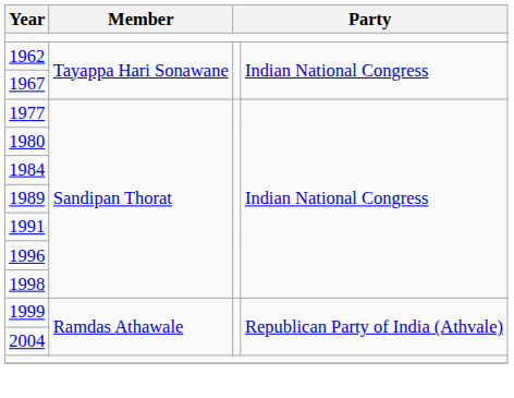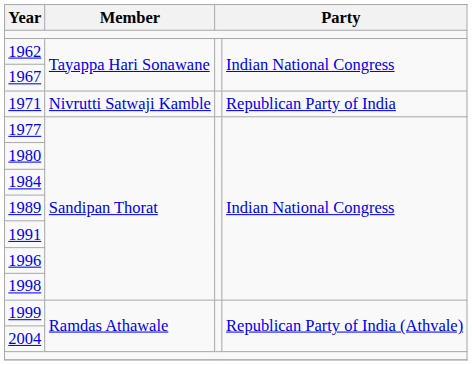 <table class="wikitable sortable">
 <tr>
 <th>Year</th>
 <th>Member</th>
 <th colspan="2">Party</th>
 </tr>
 <tr>
 <td colspan="4"></td>
 </tr>
 <tr>
 <td><a href='#'>1962</a></td>
 <td rowspan="2"><a href='#'>Tayappa Hari Sonawane</a></td>
 <td rowspan="2" style="background-color: "></td>
 <td rowspan="2"><a href='#'>Indian National Congress</a></td>
 </tr>
 <tr>
 <td><a href='#'>1967</a></td>
+</tr>
+<tr>
+<td><a href='#'>1971</a></td>
+<td><a href='#'>Nivrutti Satwaji Kamble</a></td>
+<td style="background-color: "></td>
+<td><a href='#'>Republican Party of India</a></td>
 </tr>
 <tr>
 <td><a href='#'>1977</a></td>
 <td rowspan="7"><a href='#'>Sandipan Thorat</a></td>
 <td rowspan="7" style="background-color: "></td>
 <td rowspan="7"><a href='#'>Indian National Congress</a></td>
 </tr>
 <tr>
 <td><a href='#'>1980</a></td>
 </tr>
 <tr>
 <td><a href='#'>1984</a></td>
 </tr>
 <tr>
 <td><a href='#'>1989</a></td>
 </tr>
 <tr>
 <td><a href='#'>1991</a></td>
 </tr>
 <tr>
 <td><a href='#'>1996</a></td>
 </tr>
 <tr>
 <td><a href='#'>1998</a></td>
 </tr>
 <tr>
 <td><a href='#'>1999</a></td>
 <td rowspan="2"><a href='#'>Ramdas Athawale</a></td>
 <td rowspan="2" style="background-color: "></td>
 <td rowspan="2"><a href='#'>Republican Party of India (Athvale)</a></td>
 </tr>
 <tr>
 <td><a href='#'>2004</a></td>
 </tr>
 <tr>
 <td colspan="4"></td>
 </tr>
 <tr>
 </tr>
 </table>
